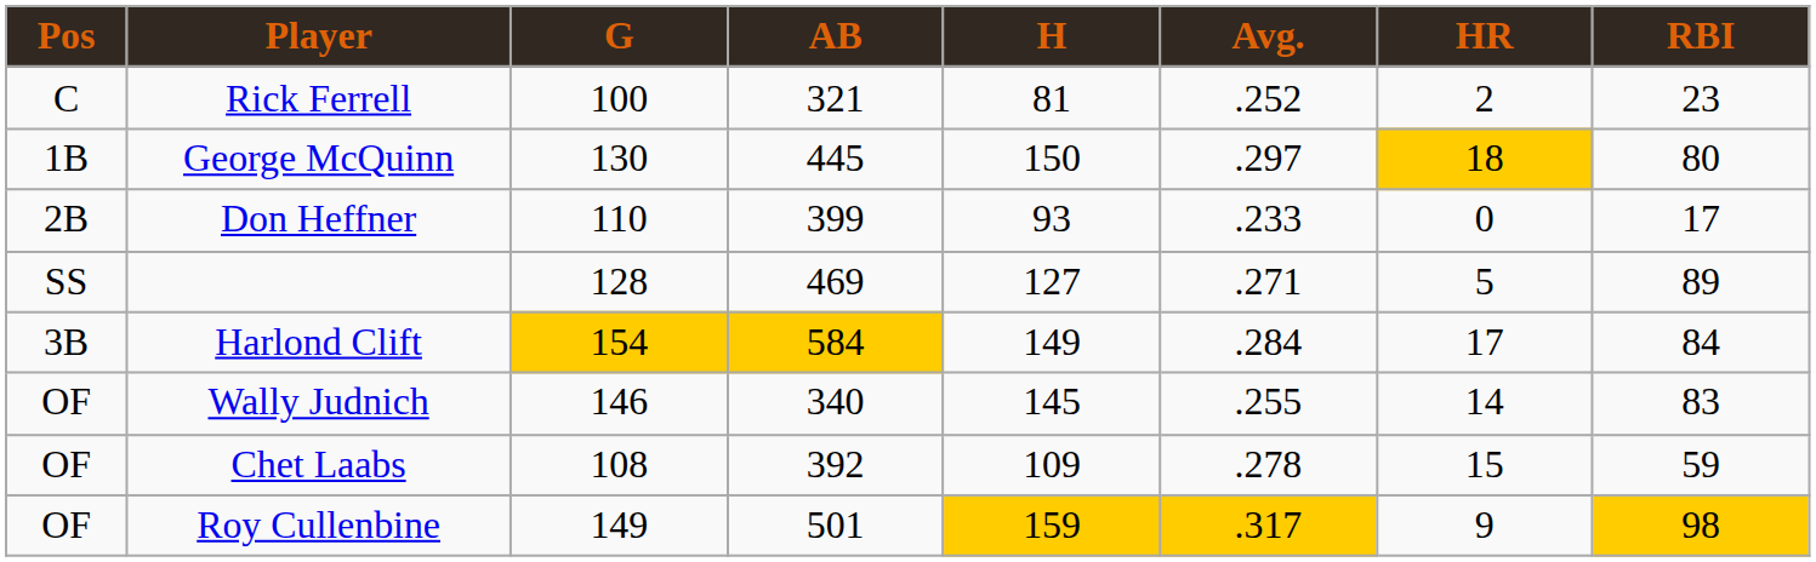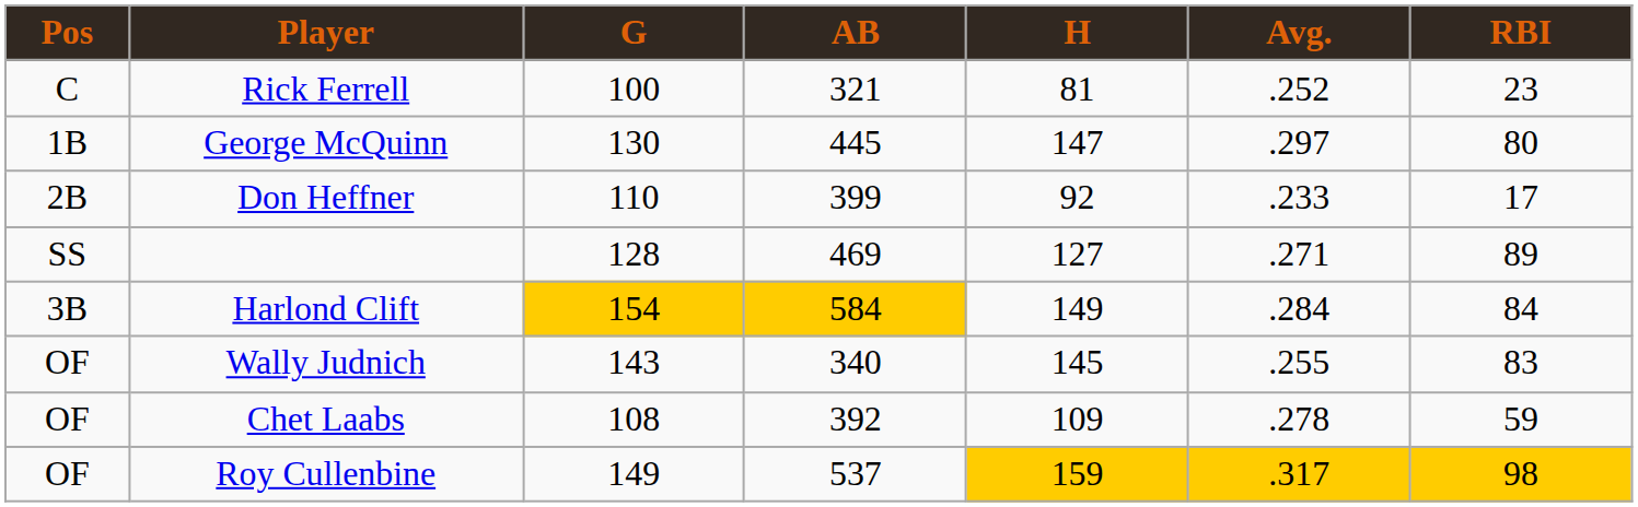 <table class="wikitable sortable">
 <tr>
 <th style="background:#312821;color:#de6108;" width="5%">Pos</th>
 <th style="background:#312821;color:#de6108;" width="16%">Player</th>
 <th style="background:#312821;color:#de6108;" width="9%">G</th>
 <th style="background:#312821;color:#de6108;" width="9%">AB</th>
 <th style="background:#312821;color:#de6108;" width="9%">H</th>
 <th style="background:#312821;color:#de6108;" width="9%">Avg.</th>
-<th style="background:#312821;color:#de6108;" width="9%">HR</th>
 <th style="background:#312821;color:#de6108;" width="9%">RBI</th>
 </tr>
 <tr align="center">
 <td>C</td>
 <td><a href='#'>Rick Ferrell</a></td>
 <td>100</td>
 <td>321</td>
 <td>81</td>
 <td>.252</td>
-<td>2</td>
 <td>23</td>
 </tr>
 <tr align="center">
 <td>1B</td>
 <td><a href='#'>George McQuinn</a></td>
 <td>130</td>
 <td>445</td>
-<td>150</td>
+<td>147</td>
 <td>.297</td>
-<td style="background:#fc0;">18</td>
 <td>80</td>
 </tr>
 <tr align="center">
 <td>2B</td>
 <td><a href='#'>Don Heffner</a></td>
 <td>110</td>
 <td>399</td>
-<td>93</td>
+<td>92</td>
 <td>.233</td>
-<td>0</td>
 <td>17</td>
 </tr>
 <tr align="center">
 <td>SS</td>
 <td></td>
 <td>128</td>
 <td>469</td>
 <td>127</td>
 <td>.271</td>
-<td>5</td>
 <td>89</td>
 </tr>
 <tr align="center">
 <td>3B</td>
 <td><a href='#'>Harlond Clift</a></td>
 <td style="background:#fc0;">154</td>
 <td style="background:#fc0;">584</td>
 <td>149</td>
 <td>.284</td>
-<td>17</td>
 <td>84</td>
 </tr>
 <tr align="center">
 <td>OF</td>
 <td><a href='#'>Wally Judnich</a></td>
-<td>146</td>
+<td>143</td>
 <td>340</td>
 <td>145</td>
 <td>.255</td>
-<td>14</td>
 <td>83</td>
 </tr>
 <tr align="center">
 <td>OF</td>
 <td><a href='#'>Chet Laabs</a></td>
 <td>108</td>
 <td>392</td>
 <td>109</td>
 <td>.278</td>
-<td>15</td>
 <td>59</td>
 </tr>
 <tr align="center">
 <td>OF</td>
 <td><a href='#'>Roy Cullenbine</a></td>
 <td>149</td>
-<td>501</td>
+<td>537</td>
 <td style="background:#fc0;">159</td>
 <td style="background:#fc0;">.317</td>
-<td>9</td>
 <td style="background:#fc0;">98</td>
 </tr>
 </table>
